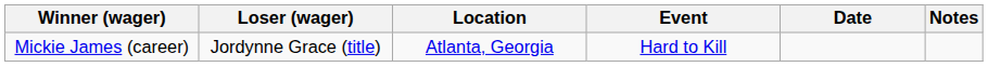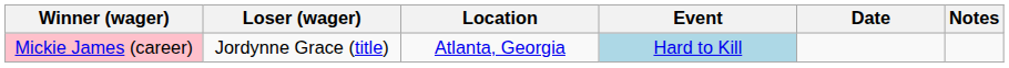 <table class="wikitable sortable" width=100% style="text-align: center">
 <tr>
 <th width=20% scope="col">Winner (wager)</th>
 <th width=20% scope="col">Loser (wager)</th>
 <th width=20% scope="col">Location</th>
 <th width=20% scope="col">Event</th>
 <th width=15% scope="col">Date</th>
 <th class="unsortable" width=5% scope="col">Notes</th>
 </tr>
 <tr>
-<td><a href='#'>Mickie James</a> (career)</td>
+<td style="background: pink;"><a href='#'>Mickie James</a> (career)</td>
 <td>Jordynne Grace (<a href='#'>title</a>)</td>
 <td><a href='#'>Atlanta, Georgia</a></td>
-<td><a href='#'>Hard to Kill</a></td>
+<td style="background: lightblue;"><a href='#'>Hard to Kill</a></td>
 <td></td>
 <td></td>
 </tr>
 </table>
